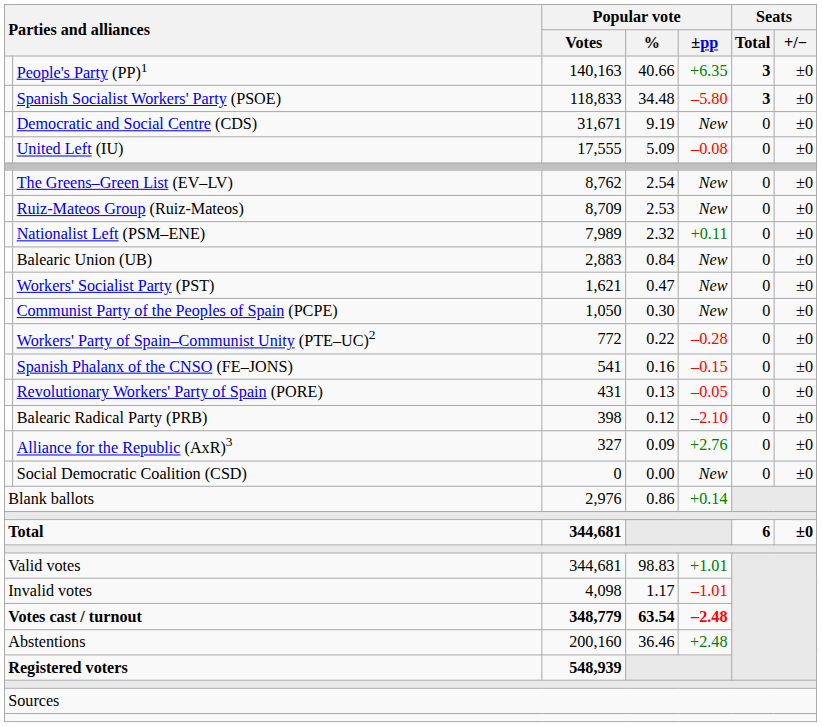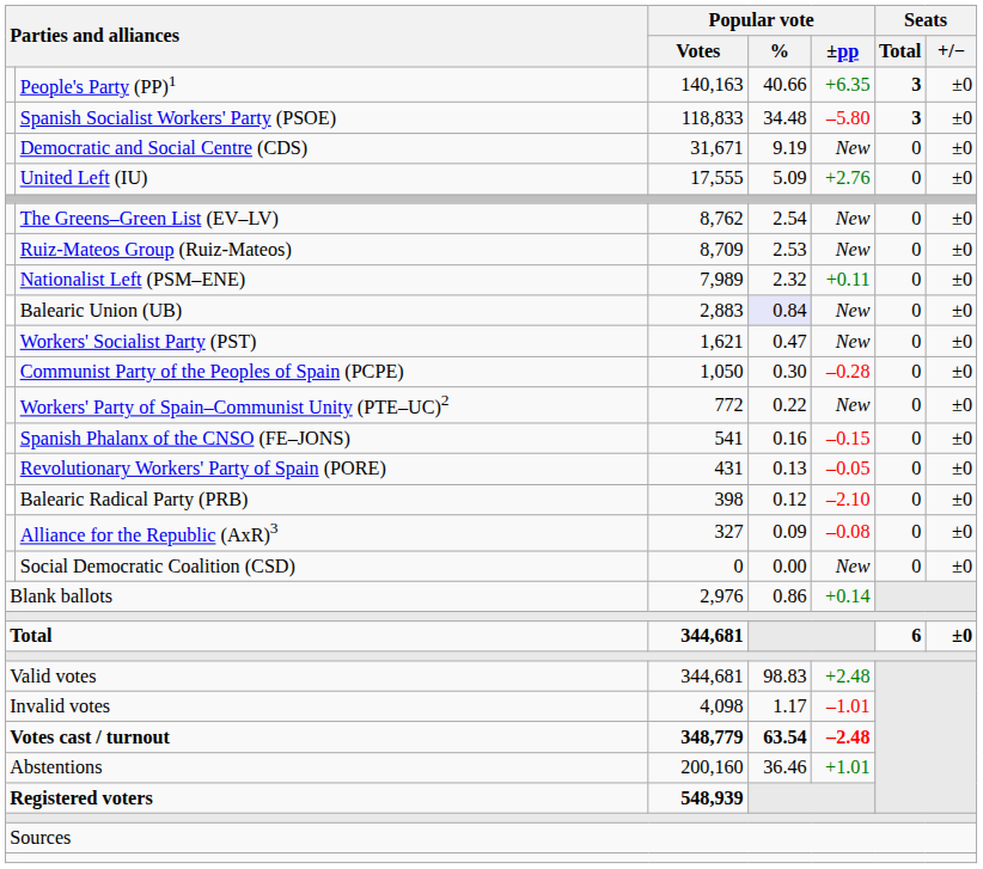 <table class="wikitable" style="text-align:right;">
 <tr>
 <th style="text-align:left;" rowspan="2" colspan="2" width="525">Parties and alliances</th>
 <th colspan="3">Popular vote</th>
 <th colspan="2">Seats</th>
 </tr>
 <tr>
 <th width="75">Votes</th>
 <th width="45">%</th>
 <th width="45">±<a href='#'>pp</a></th>
 <th width="35">Total</th>
 <th width="35">+/−</th>
 </tr>
 <tr>
 <td width="1" style="color:inherit;background:"></td>
 <td align="left"><a href='#'>People's Party</a> (PP)<sup>1</sup></td>
 <td>140,163</td>
 <td>40.66</td>
 <td style="color:green;">+6.35</td>
 <td><strong>3</strong></td>
 <td>±0</td>
 </tr>
 <tr>
 <td style="color:inherit;background:"></td>
 <td align="left"><a href='#'>Spanish Socialist Workers' Party</a> (PSOE)</td>
 <td>118,833</td>
 <td>34.48</td>
 <td style="color:red;">–5.80</td>
 <td><strong>3</strong></td>
 <td>±0</td>
 </tr>
 <tr>
 <td style="color:inherit;background:"></td>
 <td align="left"><a href='#'>Democratic and Social Centre</a> (CDS)</td>
 <td>31,671</td>
 <td>9.19</td>
 <td><em>New</em></td>
 <td>0</td>
 <td>±0</td>
 </tr>
 <tr>
 <td style="color:inherit;background:"></td>
 <td align="left"><a href='#'>United Left</a> (IU)</td>
 <td>17,555</td>
 <td>5.09</td>
-<td style="color:red;">–0.08</td>
+<td style="color:green;">+2.76</td>
 <td>0</td>
 <td>±0</td>
 </tr>
 <tr>
 <td colspan="7" bgcolor="#C0C0C0"></td>
 </tr>
 <tr>
 <td style="color:inherit;background:"></td>
 <td align="left"><a href='#'>The Greens–Green List</a> (EV–LV)</td>
 <td>8,762</td>
 <td>2.54</td>
 <td><em>New</em></td>
 <td>0</td>
 <td>±0</td>
 </tr>
 <tr>
 <td style="color:inherit;background:"></td>
 <td align="left"><a href='#'>Ruiz-Mateos Group</a> (Ruiz-Mateos)</td>
 <td>8,709</td>
 <td>2.53</td>
 <td><em>New</em></td>
 <td>0</td>
 <td>±0</td>
 </tr>
 <tr>
 <td style="color:inherit;background:"></td>
 <td align="left"><a href='#'>Nationalist Left</a> (PSM–ENE)</td>
 <td>7,989</td>
 <td>2.32</td>
 <td style="color:green;">+0.11</td>
 <td>0</td>
 <td>±0</td>
 </tr>
 <tr>
 <td bgcolor="white"></td>
 <td align="left">Balearic Union (UB)</td>
 <td>2,883</td>
-<td>0.84</td>
+<td style="background: lavender;">0.84</td>
 <td><em>New</em></td>
 <td>0</td>
 <td>±0</td>
 </tr>
 <tr>
 <td style="color:inherit;background:"></td>
 <td align="left"><a href='#'>Workers' Socialist Party</a> (PST)</td>
 <td>1,621</td>
 <td>0.47</td>
 <td><em>New</em></td>
 <td>0</td>
 <td>±0</td>
 </tr>
 <tr>
 <td style="color:inherit;background:"></td>
 <td align="left"><a href='#'>Communist Party of the Peoples of Spain</a> (PCPE)</td>
 <td>1,050</td>
 <td>0.30</td>
-<td><em>New</em></td>
+<td style="color:red;">–0.28</td>
 <td>0</td>
 <td>±0</td>
 </tr>
 <tr>
 <td style="color:inherit;background:"></td>
 <td align="left"><a href='#'>Workers' Party of Spain–Communist Unity</a> (PTE–UC)<sup>2</sup></td>
 <td>772</td>
 <td>0.22</td>
-<td style="color:red;">–0.28</td>
+<td><em>New</em></td>
 <td>0</td>
 <td>±0</td>
 </tr>
 <tr>
 <td style="color:inherit;background:"></td>
 <td align="left"><a href='#'>Spanish Phalanx of the CNSO</a> (FE–JONS)</td>
 <td>541</td>
 <td>0.16</td>
 <td style="color:red;">–0.15</td>
 <td>0</td>
 <td>±0</td>
 </tr>
 <tr>
 <td style="color:inherit;background:"></td>
 <td align="left"><a href='#'>Revolutionary Workers' Party of Spain</a> (PORE)</td>
 <td>431</td>
 <td>0.13</td>
 <td style="color:red;">–0.05</td>
 <td>0</td>
 <td>±0</td>
 </tr>
 <tr>
 <td bgcolor="white"></td>
 <td align="left">Balearic Radical Party (PRB)</td>
 <td>398</td>
 <td>0.12</td>
 <td style="color:red;">–2.10</td>
 <td>0</td>
 <td>±0</td>
 </tr>
 <tr>
 <td style="color:inherit;background:"></td>
 <td align="left"><a href='#'>Alliance for the Republic</a> (AxR)<sup>3</sup></td>
 <td>327</td>
 <td>0.09</td>
-<td style="color:green;">+2.76</td>
+<td style="color:red;">–0.08</td>
 <td>0</td>
 <td>±0</td>
 </tr>
 <tr>
 <td style="color:inherit;background:"></td>
 <td align="left">Social Democratic Coalition (CSD)</td>
 <td>0</td>
 <td>0.00</td>
 <td><em>New</em></td>
 <td>0</td>
 <td>±0</td>
 </tr>
 <tr>
 <td align="left" colspan="2">Blank ballots</td>
 <td>2,976</td>
 <td>0.86</td>
 <td style="color:green;">+0.14</td>
 <td bgcolor="#E9E9E9" colspan="2"></td>
 </tr>
 <tr>
 <td colspan="7" bgcolor="#E9E9E9"></td>
 </tr>
 <tr style="font-weight:bold;">
 <td align="left" colspan="2">Total</td>
 <td>344,681</td>
 <td bgcolor="#E9E9E9" colspan="2"></td>
 <td>6</td>
 <td>±0</td>
 </tr>
 <tr>
 <td colspan="7" bgcolor="#E9E9E9"></td>
 </tr>
 <tr>
 <td align="left" colspan="2">Valid votes</td>
 <td>344,681</td>
 <td>98.83</td>
-<td style="color:green;">+1.01</td>
+<td style="color:green;">+2.48</td>
 <td bgcolor="#E9E9E9" colspan="2" rowspan="5"></td>
 </tr>
 <tr>
 <td align="left" colspan="2">Invalid votes</td>
 <td>4,098</td>
 <td>1.17</td>
 <td style="color:red;">–1.01</td>
 </tr>
 <tr style="font-weight:bold;">
 <td align="left" colspan="2">Votes cast / turnout</td>
 <td>348,779</td>
 <td>63.54</td>
 <td style="color:red;">–2.48</td>
 </tr>
 <tr>
 <td align="left" colspan="2">Abstentions</td>
 <td>200,160</td>
 <td>36.46</td>
-<td style="color:green;">+2.48</td>
+<td style="color:green;">+1.01</td>
 </tr>
 <tr style="font-weight:bold;">
 <td align="left" colspan="2">Registered voters</td>
 <td>548,939</td>
 <td bgcolor="#E9E9E9" colspan="2"></td>
 </tr>
 <tr>
 <td colspan="7" bgcolor="#E9E9E9"></td>
 </tr>
 <tr>
 <td align="left" colspan="7">Sources</td>
 </tr>
 <tr>
 <td colspan="7" style="text-align:left; max-width:790px;"></td>
 </tr>
 </table>
